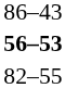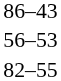 <table style="text-align:center">
 <tr>
 <th width=200></th>
 <th width=100></th>
 <th width=200></th>
 <th></th>
 </tr>
 <tr>
 <td align=right><strong></strong></td>
 <td>86–43</td>
 <td align=left></td>
 </tr>
 <tr>
 <td align=right><strong></strong></td>
-<td><strong>56–53</strong></td>
+<td>56–53</td>
 <td align=left></td>
 </tr>
 <tr>
 <td align=right><strong></strong></td>
 <td>82–55</td>
 <td align=left></td>
 </tr>
 </table>
